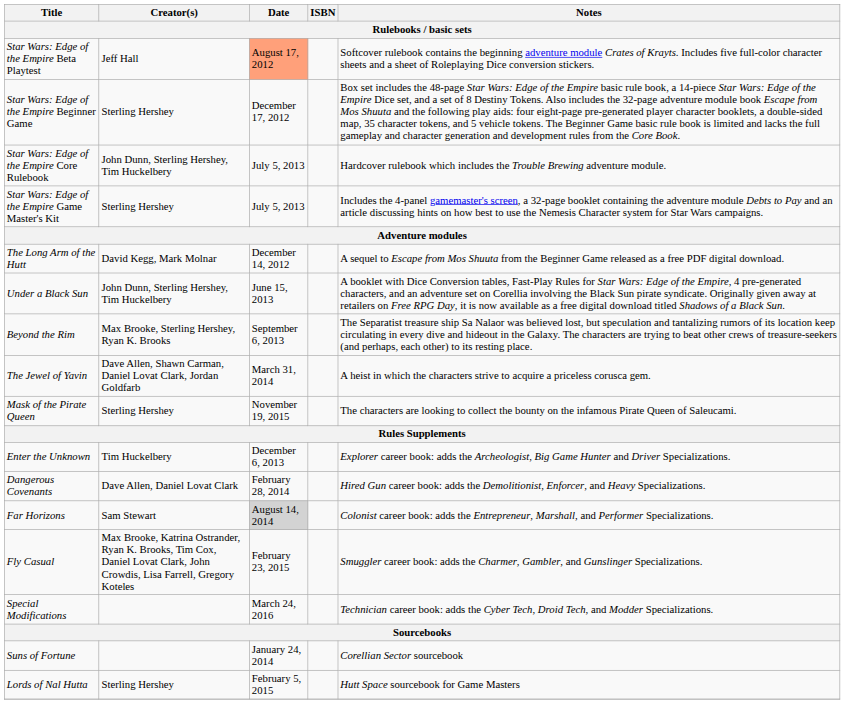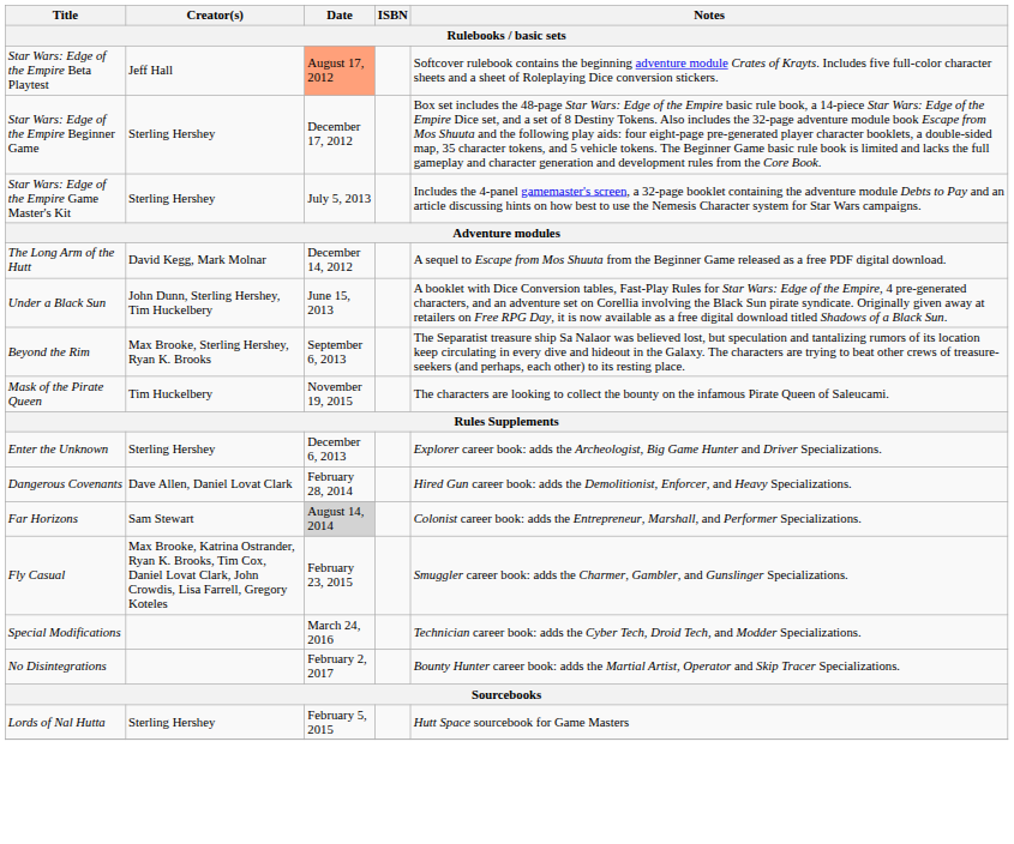 <table class="wikitable sortable" style="margins:auto">
 <tr>
 <th>Title</th>
 <th>Creator(s)</th>
 <th>Date</th>
 <th>ISBN</th>
 <th>Notes</th>
 </tr>
 <tr>
 <th colspan="5">Rulebooks / basic sets</th>
 </tr>
 <tr>
 <td><em>Star Wars: Edge of the Empire</em> Beta Playtest</td>
 <td>Jeff Hall</td>
 <td style="background: lightsalmon;">August 17, 2012</td>
 <td></td>
 <td>Softcover rulebook contains the beginning <a href='#'>adventure module</a> <em>Crates of Krayts</em>. Includes five full-color character sheets and a sheet of Roleplaying Dice conversion stickers.</td>
 </tr>
 <tr>
 <td><em>Star Wars: Edge of the Empire</em> Beginner Game</td>
 <td>Sterling Hershey</td>
 <td>December 17, 2012</td>
 <td></td>
 <td>Box set includes the 48-page <em>Star Wars: Edge of the Empire</em> basic rule book, a 14-piece <em>Star Wars: Edge of the Empire</em> Dice set, and a set of 8 Destiny Tokens. Also includes the 32-page adventure module book <em>Escape from Mos Shuuta</em> and the following play aids: four eight-page pre-generated player character booklets, a double-sided map, 35 character tokens, and 5 vehicle tokens. The Beginner Game basic rule book is limited and lacks the full gameplay and character generation and development rules from the <em>Core Book</em>.</td>
-</tr>
-<tr>
-<td><em>Star Wars: Edge of the Empire</em> Core Rulebook</td>
-<td>John Dunn, Sterling Hershey, Tim Huckelbery</td>
-<td>July 5, 2013</td>
-<td></td>
-<td>Hardcover rulebook which includes the <em>Trouble Brewing</em> adventure module.</td>
 </tr>
 <tr>
 <td><em>Star Wars: Edge of the Empire</em> Game Master's Kit</td>
 <td>Sterling Hershey</td>
 <td>July 5, 2013</td>
 <td></td>
 <td>Includes the 4-panel <a href='#'>gamemaster's screen</a>, a 32-page booklet containing the adventure module <em>Debts to Pay</em> and an article discussing hints on how best to use the Nemesis Character system for Star Wars campaigns.</td>
 </tr>
 <tr>
 <th colspan="5">Adventure modules</th>
 </tr>
 <tr>
 <td><em>The Long Arm of the Hutt</em></td>
 <td>David Kegg, Mark Molnar</td>
 <td>December 14, 2012</td>
 <td></td>
 <td>A sequel to <em>Escape from Mos Shuuta</em> from the Beginner Game released as a free PDF digital download.</td>
 </tr>
 <tr>
 <td><em>Under a Black Sun</em></td>
 <td>John Dunn, Sterling Hershey, Tim Huckelbery</td>
 <td>June 15, 2013</td>
 <td></td>
 <td>A booklet with Dice Conversion tables, Fast-Play Rules for <em>Star Wars: Edge of the Empire</em>, 4 pre-generated characters, and an adventure set on Corellia involving the Black Sun pirate syndicate. Originally given away at retailers on <em>Free RPG Day</em>, it is now available as a free digital download titled <em>Shadows of a Black Sun</em>.</td>
 </tr>
 <tr>
 <td><em>Beyond the Rim</em></td>
 <td>Max Brooke, Sterling Hershey, Ryan K. Brooks</td>
 <td>September 6, 2013</td>
 <td></td>
 <td>The Separatist treasure ship Sa Nalaor was believed lost, but speculation and tantalizing rumors of its location keep circulating in every dive and hideout in the Galaxy. The characters are trying to beat other crews of treasure-seekers (and perhaps, each other) to its resting place.</td>
 </tr>
 <tr>
-<td><em>The Jewel of Yavin</em></td>
-<td>Dave Allen, Shawn Carman, Daniel Lovat Clark, Jordan Goldfarb</td>
-<td>March 31, 2014</td>
-<td></td>
-<td>A heist in which the characters strive to acquire a priceless corusca gem.</td>
-</tr>
-<tr>
 <td><em>Mask of the Pirate Queen</em></td>
-<td>Sterling Hershey</td>
+<td>Tim Huckelbery</td>
 <td>November 19, 2015</td>
 <td></td>
 <td>The characters are looking to collect the bounty on the infamous Pirate Queen of Saleucami.</td>
 </tr>
 <tr>
 <th colspan="5">Rules Supplements</th>
 </tr>
 <tr>
 <td><em>Enter the Unknown</em></td>
-<td>Tim Huckelbery</td>
+<td>Sterling Hershey</td>
 <td>December 6, 2013</td>
 <td></td>
 <td><em>Explorer</em> career book: adds the <em>Archeologist</em>, <em>Big Game Hunter</em> and <em>Driver</em> Specializations.</td>
 </tr>
 <tr>
 <td><em>Dangerous Covenants</em></td>
 <td>Dave Allen, Daniel Lovat Clark</td>
 <td>February 28, 2014</td>
 <td></td>
 <td><em>Hired Gun</em> career book: adds the <em>Demolitionist</em>, <em>Enforcer</em>, and <em>Heavy</em> Specializations.</td>
 </tr>
 <tr>
 <td><em>Far Horizons</em></td>
 <td>Sam Stewart</td>
 <td style="background: lightgrey;">August 14, 2014</td>
 <td></td>
 <td><em>Colonist</em> career book: adds the <em>Entrepreneur</em>, <em>Marshall</em>, and <em>Performer</em> Specializations.</td>
 </tr>
 <tr>
 <td><em>Fly Casual</em></td>
 <td>Max Brooke, Katrina Ostrander, Ryan K. Brooks, Tim Cox, Daniel Lovat Clark, John Crowdis, Lisa Farrell, Gregory Koteles</td>
 <td>February 23, 2015</td>
 <td></td>
 <td><em>Smuggler</em> career book: adds the <em>Charmer</em>, <em>Gambler</em>, and <em>Gunslinger</em> Specializations.</td>
 </tr>
 <tr>
 <td><em>Special Modifications</em></td>
 <td></td>
 <td>March 24, 2016</td>
 <td></td>
 <td><em>Technician</em> career book: adds the <em>Cyber Tech</em>, <em>Droid Tech</em>, and <em>Modder</em> Specializations.</td>
 </tr>
 <tr>
-<th colspan="5">Sourcebooks</th>
+<td><em>No Disintegrations</em></td>
+<td></td>
+<td>February 2, 2017</td>
+<td></td>
+<td><em>Bounty Hunter</em> career book: adds the <em>Martial Artist</em>, <em>Operator</em> and <em>Skip Tracer</em> Specializations.</td>
 </tr>
 <tr>
-<td><em>Suns of Fortune</em></td>
-<td></td>
-<td>January 24, 2014</td>
-<td></td>
-<td><em>Corellian Sector</em> sourcebook</td>
+<th colspan="5">Sourcebooks</th>
 </tr>
 <tr>
 <td><em>Lords of Nal Hutta</em></td>
 <td>Sterling Hershey</td>
 <td>February 5, 2015</td>
 <td></td>
 <td><em>Hutt Space</em> sourcebook for Game Masters</td>
 </tr>
 <tr>
 </tr>
 </table>
